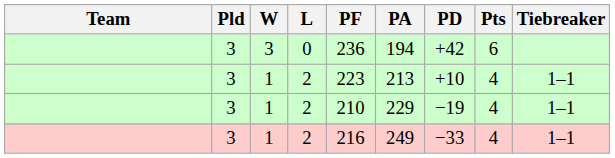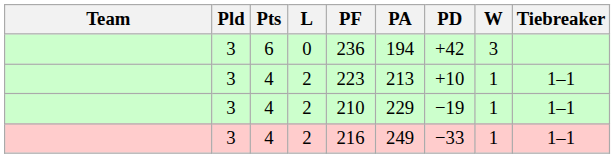 <table class="wikitable" style="text-align:center;">
 <tr>
 <th width=170>Team</th>
 <th width=25>Pld</th>
-<th width=25>W</th>
+<th width=25>Pts</th>
 <th width=25>L</th>
 <th width=35>PF</th>
 <th width=35>PA</th>
 <th width=35>PD</th>
-<th width=25>Pts</th>
+<th width=25>W</th>
 <th width=50>Tiebreaker</th>
 </tr>
 <tr bgcolor=#ccffcc>
 <td align="left"></td>
 <td>3</td>
-<td>3</td>
+<td>6</td>
 <td>0</td>
 <td>236</td>
 <td>194</td>
 <td>+42</td>
-<td>6</td>
+<td>3</td>
 <td></td>
 </tr>
 <tr bgcolor=#ccffcc>
 <td align="left"></td>
 <td>3</td>
-<td>1</td>
+<td>4</td>
 <td>2</td>
 <td>223</td>
 <td>213</td>
 <td>+10</td>
-<td>4</td>
+<td>1</td>
 <td>1–1</td>
 </tr>
 <tr bgcolor=#ccffcc>
 <td align="left"></td>
 <td>3</td>
-<td>1</td>
+<td>4</td>
 <td>2</td>
 <td>210</td>
 <td>229</td>
 <td>−19</td>
-<td>4</td>
+<td>1</td>
 <td>1–1</td>
 </tr>
 <tr bgcolor=#ffcccc>
 <td align="left"></td>
 <td>3</td>
-<td>1</td>
+<td>4</td>
 <td>2</td>
 <td>216</td>
 <td>249</td>
 <td>−33</td>
-<td>4</td>
+<td>1</td>
 <td>1–1</td>
 </tr>
 </table>
